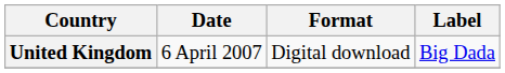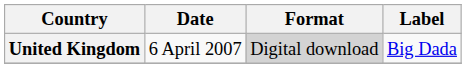 <table class="wikitable plainrowheaders">
 <tr>
 <th scope="col">Country</th>
 <th scope="col">Date</th>
 <th scope="col">Format</th>
 <th scope="col">Label</th>
 </tr>
 <tr>
 <th scope="row" rowspan="1">United Kingdom</th>
 <td>6 April 2007</td>
-<td>Digital download</td>
+<td style="background: lightgrey;">Digital download</td>
 <td rowspan="1"><a href='#'>Big Dada</a></td>
 </tr>
 <tr>
 </tr>
 </table>
